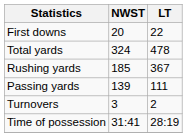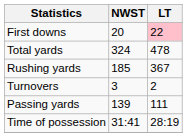 <table class="wikitable">
 <tr>
 <th>Statistics</th>
 <th>NWST</th>
 <th>LT</th>
 </tr>
 <tr>
 <td>First downs</td>
 <td>20</td>
-<td>22</td>
+<td style="background: pink;">22</td>
 </tr>
 <tr>
 <td>Total yards</td>
 <td>324</td>
 <td>478</td>
 </tr>
 <tr>
 <td>Rushing yards</td>
 <td>185</td>
 <td>367</td>
 </tr>
 <tr>
+<td>Turnovers</td>
+<td>3</td>
+<td>2</td>
+</tr>
+<tr>
 <td>Passing yards</td>
 <td>139</td>
 <td>111</td>
-</tr>
-<tr>
-<td>Turnovers</td>
-<td>3</td>
-<td>2</td>
 </tr>
 <tr>
 <td>Time of possession</td>
 <td>31:41</td>
 <td>28:19</td>
 </tr>
 <tr>
 </tr>
 </table>
